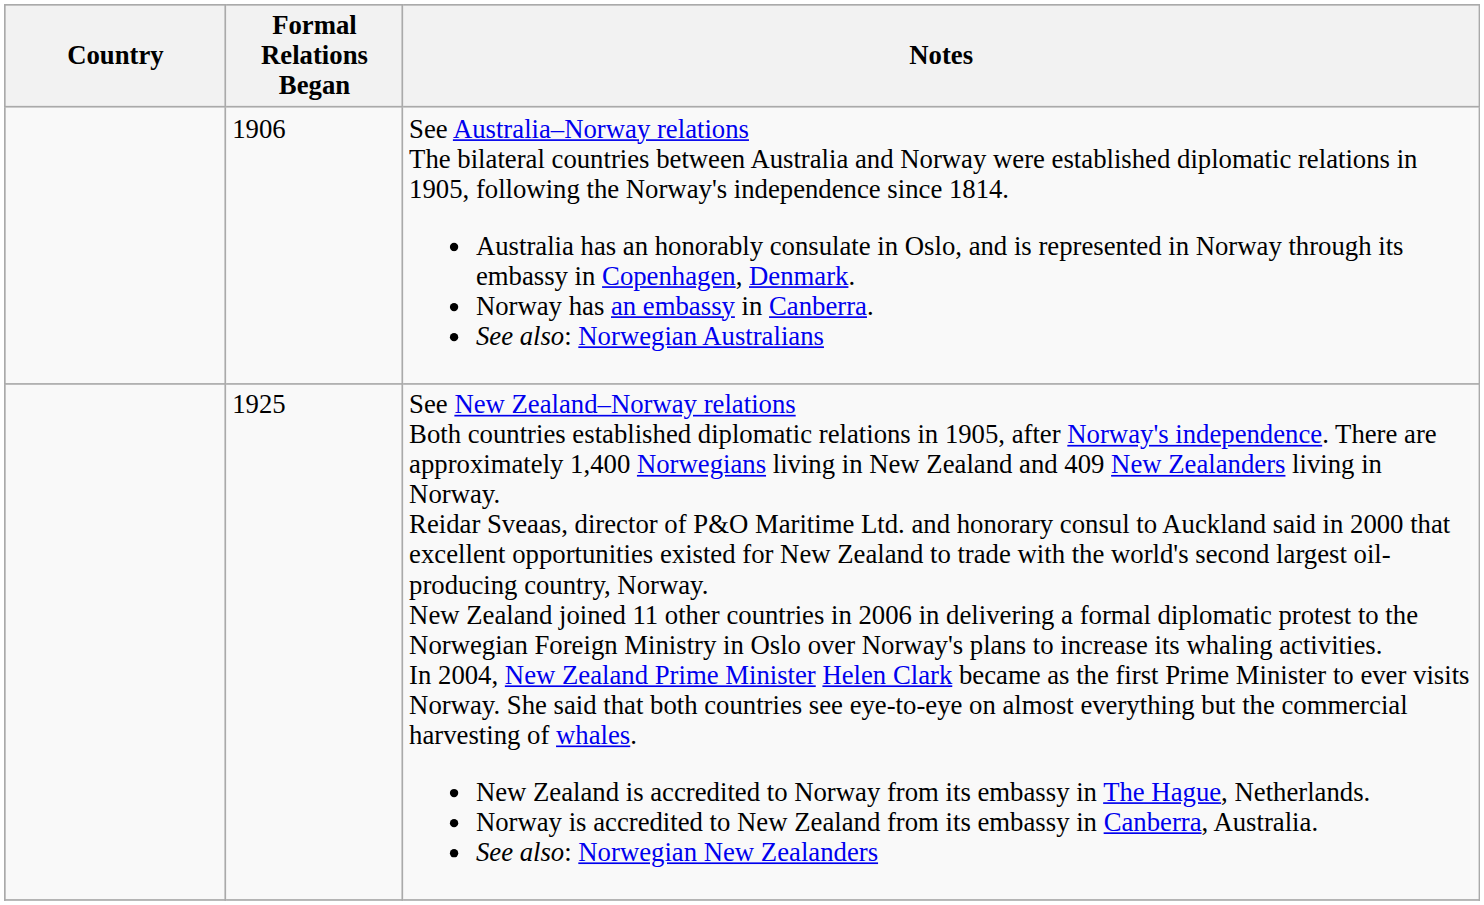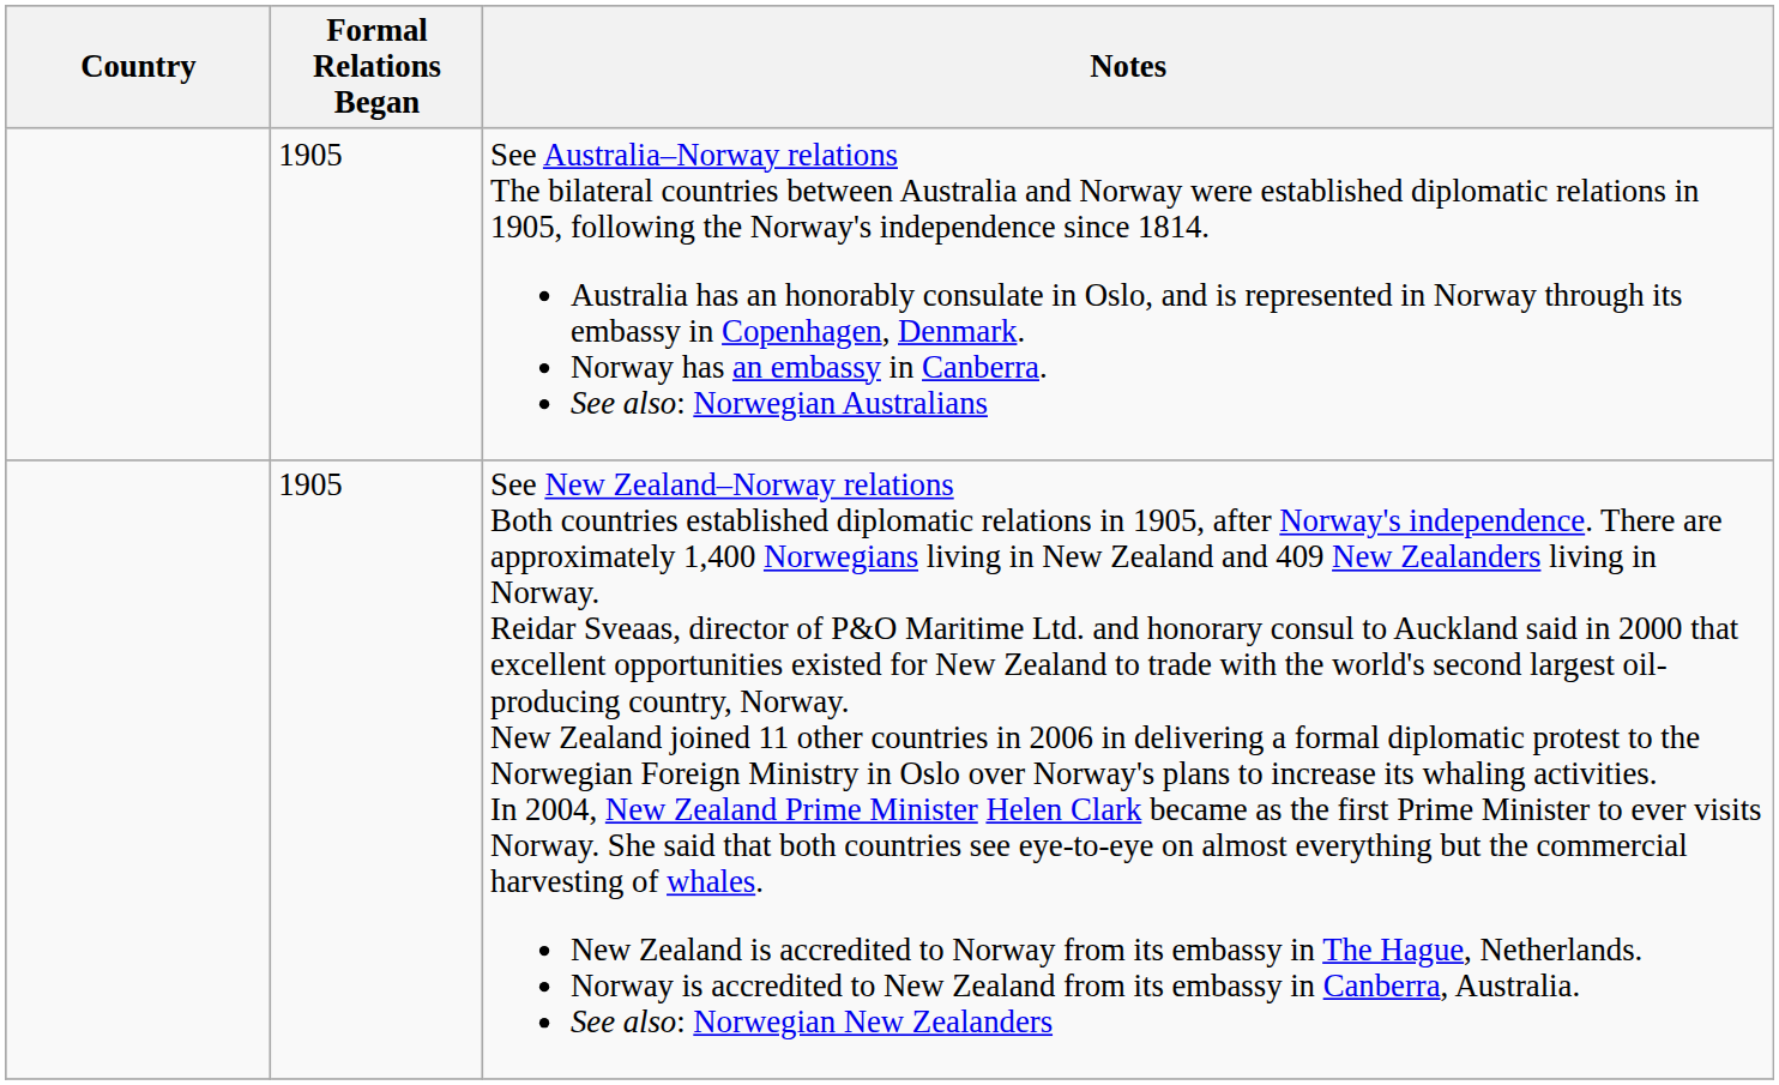 <table class="wikitable sortable" style="width:100%; margin:auto;">
 <tr>
 <th style="width:15%;">Country</th>
 <th style="width:12%;">Formal Relations Began</th>
 <th>Notes</th>
 </tr>
 <tr valign="top">
 <td></td>
-<td>1906</td>
+<td>1905</td>
 <td>See <a href='#'>Australia–Norway relations</a><br>The bilateral countries between Australia and Norway were established diplomatic relations in 1905, following the Norway's independence since 1814.<ul><li>Australia has an honorably consulate in Oslo, and is represented in Norway through its embassy in <a href='#'>Copenhagen</a>, <a href='#'>Denmark</a>.</li><li>Norway has <a href='#'>an embassy</a> in <a href='#'>Canberra</a>.</li><li><em>See also</em>: <a href='#'>Norwegian Australians</a></li></ul></td>
 </tr>
 <tr valign="top">
 <td></td>
-<td>1925</td>
+<td>1905</td>
 <td>See <a href='#'>New Zealand–Norway relations</a><br>Both countries established diplomatic relations in 1905, after <a href='#'>Norway's independence</a>. There are approximately 1,400 <a href='#'>Norwegians</a> living in New Zealand and 409 <a href='#'>New Zealanders</a> living in Norway.<br>Reidar Sveaas, director of P&O Maritime Ltd. and honorary consul to Auckland said in 2000 that excellent opportunities existed for New Zealand to trade with the world's second largest oil-producing country, Norway.<br>New Zealand joined 11 other countries in 2006 in delivering a formal diplomatic protest to the Norwegian Foreign Ministry in Oslo over Norway's plans to increase its whaling activities.<br>In 2004, <a href='#'>New Zealand Prime Minister</a> <a href='#'>Helen Clark</a> became as the first Prime Minister to ever visits Norway. She said that both countries see eye-to-eye on almost everything but the commercial harvesting of <a href='#'>whales</a>.<ul><li>New Zealand is accredited to Norway from its embassy in <a href='#'>The Hague</a>, Netherlands.</li><li>Norway is accredited to New Zealand from its embassy in <a href='#'>Canberra</a>, Australia.</li><li><em>See also</em>: <a href='#'>Norwegian New Zealanders</a></li></ul></td>
 </tr>
 </table>
